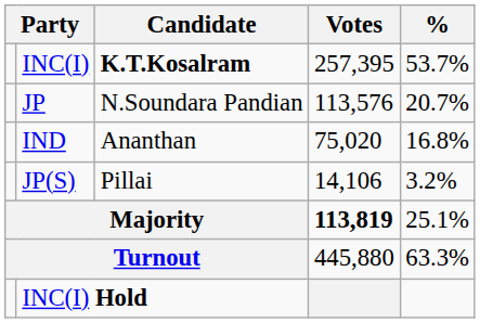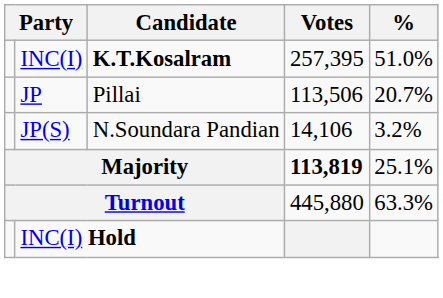 <table class="wikitable">
 <tr>
 <th colspan="2">Party</th>
 <th>Candidate</th>
 <th>Votes</th>
 <th>%</th>
 </tr>
 <tr>
 <td></td>
 <td><a href='#'>INC(I)</a></td>
 <td><strong>K.T.Kosalram</strong></td>
 <td>257,395</td>
-<td>53.7%</td>
+<td>51.0%</td>
 </tr>
 <tr>
 <td></td>
 <td><a href='#'>JP</a></td>
-<td>N.Soundara Pandian</td>
-<td>113,576</td>
+<td>Pillai</td>
+<td>113,506</td>
 <td>20.7%</td>
 </tr>
 <tr>
 <td></td>
-<td><a href='#'>IND</a></td>
-<td>Ananthan</td>
-<td>75,020</td>
-<td>16.8%</td>
-</tr>
-<tr>
-<td></td>
 <td><a href='#'>JP(S)</a></td>
-<td>Pillai</td>
+<td>N.Soundara Pandian</td>
 <td>14,106</td>
 <td>3.2%</td>
 </tr>
 <tr>
 <th colspan="3">Majority</th>
 <td><strong>113,819</strong></td>
 <td>25.1%</td>
 </tr>
 <tr>
 <th colspan="3"><a href='#'>Turnout</a></th>
 <td>445,880</td>
 <td>63.3%</td>
 </tr>
 <tr>
 <td></td>
 <td colspan="2"><a href='#'>INC(I)</a> <strong>Hold</strong></td>
 <th></th>
 <td></td>
 </tr>
 </table>
